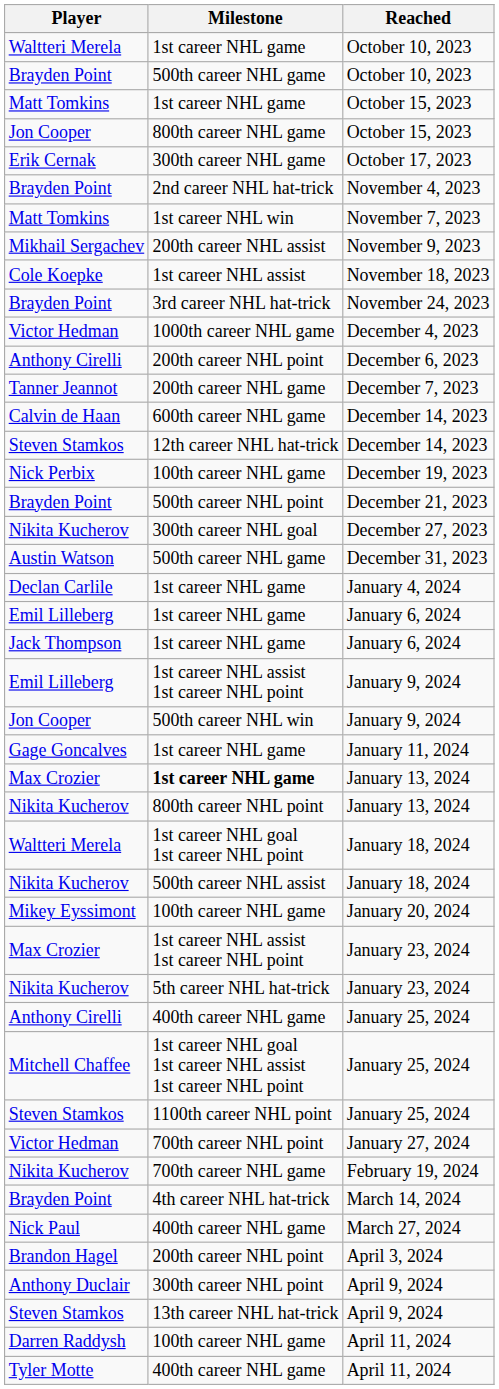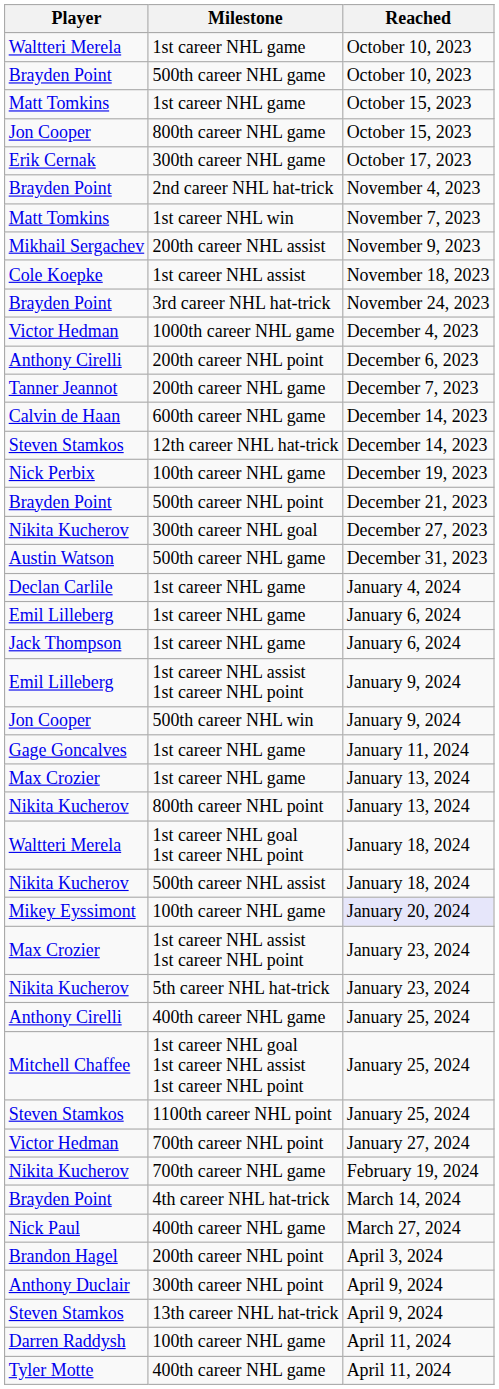 <table class="wikitable sortable">
 <tr align=center>
 <th>Player</th>
 <th>Milestone</th>
 <th data-sort-type="date">Reached</th>
 </tr>
 <tr>
 <td><a href='#'>Waltteri Merela</a></td>
 <td>1st career NHL game</td>
 <td>October 10, 2023</td>
 </tr>
 <tr>
 <td><a href='#'>Brayden Point</a></td>
 <td>500th career NHL game</td>
 <td>October 10, 2023</td>
 </tr>
 <tr>
 <td><a href='#'>Matt Tomkins</a></td>
 <td>1st career NHL game</td>
 <td>October 15, 2023</td>
 </tr>
 <tr>
 <td><a href='#'>Jon Cooper</a></td>
 <td>800th career NHL game</td>
 <td>October 15, 2023</td>
 </tr>
 <tr>
 <td><a href='#'>Erik Cernak</a></td>
 <td>300th career NHL game</td>
 <td>October 17, 2023</td>
 </tr>
 <tr>
 <td><a href='#'>Brayden Point</a></td>
 <td>2nd career NHL hat-trick</td>
 <td>November 4, 2023</td>
 </tr>
 <tr>
 <td><a href='#'>Matt Tomkins</a></td>
 <td>1st career NHL win</td>
 <td>November 7, 2023</td>
 </tr>
 <tr>
 <td><a href='#'>Mikhail Sergachev</a></td>
 <td>200th career NHL assist</td>
 <td>November 9, 2023</td>
 </tr>
 <tr>
 <td><a href='#'>Cole Koepke</a></td>
 <td>1st career NHL assist</td>
 <td>November 18, 2023</td>
 </tr>
 <tr>
 <td><a href='#'>Brayden Point</a></td>
 <td>3rd career NHL hat-trick</td>
 <td>November 24, 2023</td>
 </tr>
 <tr>
 <td><a href='#'>Victor Hedman</a></td>
 <td>1000th career NHL game</td>
 <td>December 4, 2023</td>
 </tr>
 <tr>
 <td><a href='#'>Anthony Cirelli</a></td>
 <td>200th career NHL point</td>
 <td>December 6, 2023</td>
 </tr>
 <tr>
 <td><a href='#'>Tanner Jeannot</a></td>
 <td>200th career NHL game</td>
 <td>December 7, 2023</td>
 </tr>
 <tr>
 <td><a href='#'>Calvin de Haan</a></td>
 <td>600th career NHL game</td>
 <td>December 14, 2023</td>
 </tr>
 <tr>
 <td><a href='#'>Steven Stamkos</a></td>
 <td>12th career NHL hat-trick</td>
 <td>December 14, 2023</td>
 </tr>
 <tr>
 <td><a href='#'>Nick Perbix</a></td>
 <td>100th career NHL game</td>
 <td>December 19, 2023</td>
 </tr>
 <tr>
 <td><a href='#'>Brayden Point</a></td>
 <td>500th career NHL point</td>
 <td>December 21, 2023</td>
 </tr>
 <tr>
 <td><a href='#'>Nikita Kucherov</a></td>
 <td>300th career NHL goal</td>
 <td>December 27, 2023</td>
 </tr>
 <tr>
 <td><a href='#'>Austin Watson</a></td>
 <td>500th career NHL game</td>
 <td>December 31, 2023</td>
 </tr>
 <tr>
 <td><a href='#'>Declan Carlile</a></td>
 <td>1st career NHL game</td>
 <td>January 4, 2024</td>
 </tr>
 <tr>
 <td><a href='#'>Emil Lilleberg</a></td>
 <td>1st career NHL game</td>
 <td>January 6, 2024</td>
 </tr>
 <tr>
 <td><a href='#'>Jack Thompson</a></td>
 <td>1st career NHL game</td>
 <td>January 6, 2024</td>
 </tr>
 <tr>
 <td><a href='#'>Emil Lilleberg</a></td>
 <td>1st career NHL assist<br>1st career NHL point</td>
 <td>January 9, 2024</td>
 </tr>
 <tr>
 <td><a href='#'>Jon Cooper</a></td>
 <td>500th career NHL win</td>
 <td>January 9, 2024</td>
 </tr>
 <tr>
 <td><a href='#'>Gage Goncalves</a></td>
 <td>1st career NHL game</td>
 <td>January 11, 2024</td>
 </tr>
 <tr>
 <td><a href='#'>Max Crozier</a></td>
-<td><strong>1st career NHL game</strong></td>
+<td>1st career NHL game</td>
 <td>January 13, 2024</td>
 </tr>
 <tr>
 <td><a href='#'>Nikita Kucherov</a></td>
 <td>800th career NHL point</td>
 <td>January 13, 2024</td>
 </tr>
 <tr>
 <td><a href='#'>Waltteri Merela</a></td>
 <td>1st career NHL goal<br>1st career NHL point</td>
 <td>January 18, 2024</td>
 </tr>
 <tr>
 <td><a href='#'>Nikita Kucherov</a></td>
 <td>500th career NHL assist</td>
 <td>January 18, 2024</td>
 </tr>
 <tr>
 <td><a href='#'>Mikey Eyssimont</a></td>
 <td>100th career NHL game</td>
-<td>January 20, 2024</td>
+<td style="background: lavender;">January 20, 2024</td>
 </tr>
 <tr>
 <td><a href='#'>Max Crozier</a></td>
 <td>1st career NHL assist<br>1st career NHL point</td>
 <td>January 23, 2024</td>
 </tr>
 <tr>
 <td><a href='#'>Nikita Kucherov</a></td>
 <td>5th career NHL hat-trick</td>
 <td>January 23, 2024</td>
 </tr>
 <tr>
 <td><a href='#'>Anthony Cirelli</a></td>
 <td>400th career NHL game</td>
 <td>January 25, 2024</td>
 </tr>
 <tr>
 <td><a href='#'>Mitchell Chaffee</a></td>
 <td>1st career NHL goal<br>1st career NHL assist<br>1st career NHL point</td>
 <td>January 25, 2024</td>
 </tr>
 <tr>
 <td><a href='#'>Steven Stamkos</a></td>
 <td>1100th career NHL point</td>
 <td>January 25, 2024</td>
 </tr>
 <tr>
 <td><a href='#'>Victor Hedman</a></td>
 <td>700th career NHL point</td>
 <td>January 27, 2024</td>
 </tr>
 <tr>
 <td><a href='#'>Nikita Kucherov</a></td>
 <td>700th career NHL game</td>
 <td>February 19, 2024</td>
 </tr>
 <tr>
 <td><a href='#'>Brayden Point</a></td>
 <td>4th career NHL hat-trick</td>
 <td>March 14, 2024</td>
 </tr>
 <tr>
 <td><a href='#'>Nick Paul</a></td>
 <td>400th career NHL game</td>
 <td>March 27, 2024</td>
 </tr>
 <tr>
 <td><a href='#'>Brandon Hagel</a></td>
 <td>200th career NHL point</td>
 <td>April 3, 2024</td>
 </tr>
 <tr>
 <td><a href='#'>Anthony Duclair</a></td>
 <td>300th career NHL point</td>
 <td>April 9, 2024</td>
 </tr>
 <tr>
 <td><a href='#'>Steven Stamkos</a></td>
 <td>13th career NHL hat-trick</td>
 <td>April 9, 2024</td>
 </tr>
 <tr>
 <td><a href='#'>Darren Raddysh</a></td>
 <td>100th career NHL game</td>
 <td>April 11, 2024</td>
 </tr>
 <tr>
 <td><a href='#'>Tyler Motte</a></td>
 <td>400th career NHL game</td>
 <td>April 11, 2024</td>
 </tr>
 </table>
